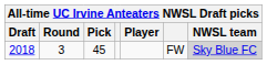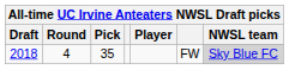 <table class="wikitable sortable" style="text-align: center;">
 <tr>
 <th colspan="7" style="background:#">All-time <a href='#'><span>UC Irvine Anteaters</span></a> NWSL Draft picks</th>
 </tr>
 <tr>
 <th scope="col">Draft</th>
 <th scope="col">Round</th>
 <th scope="col">Pick</th>
 <th scope="col"></th>
 <th scope="col">Player</th>
 <th scope="col"></th>
 <th scope="col">NWSL team</th>
 </tr>
 <tr>
 <td><a href='#'>2018</a></td>
-<td>3</td>
-<td>45</td>
+<td>4</td>
+<td>35</td>
 <td></td>
 <td></td>
 <td>FW</td>
 <td style="background: lightgrey;"><a href='#'>Sky Blue FC</a></td>
 </tr>
 </table>
